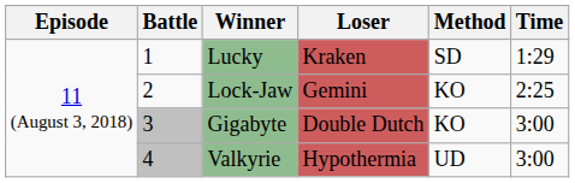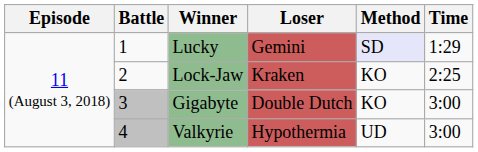 <table class="wikitable">
 <tr>
 <th>Episode</th>
 <th>Battle</th>
 <th>Winner</th>
 <th>Loser</th>
 <th>Method</th>
 <th>Time</th>
 </tr>
 <tr>
 <td style="text-align:center;" rowspan="4"><a href='#'>11</a><br><small>(August 3, 2018)</small></td>
 <td> 1</td>
 <td style="background:DarkSeaGreen;">Lucky</td>
-<td style="background:IndianRed;">Kraken</td>
-<td>SD</td>
+<td style="background:IndianRed;">Gemini</td>
+<td style="background: lavender;">SD</td>
 <td>1:29</td>
 </tr>
 <tr>
 <td>2</td>
 <td style="background:DarkSeaGreen;">Lock-Jaw</td>
-<td style="background:IndianRed;">Gemini</td>
+<td style="background:IndianRed;">Kraken</td>
 <td>KO</td>
 <td>2:25</td>
 </tr>
 <tr>
 <td style="background:Silver;">3</td>
 <td style="background:DarkSeaGreen;">Gigabyte</td>
 <td style="background:IndianRed;">Double Dutch</td>
 <td>KO</td>
 <td>3:00</td>
 </tr>
 <tr>
 <td style="background:Silver;">4</td>
 <td style="background:DarkSeaGreen;">Valkyrie</td>
 <td style="background:IndianRed;">Hypothermia</td>
 <td>UD</td>
 <td>3:00</td>
 </tr>
 </table>
